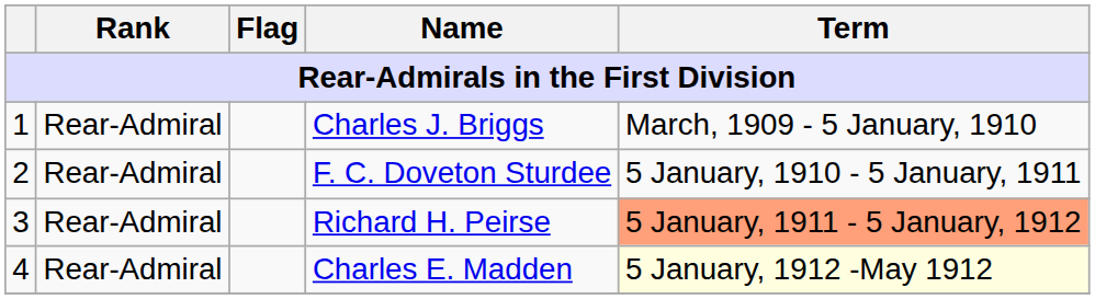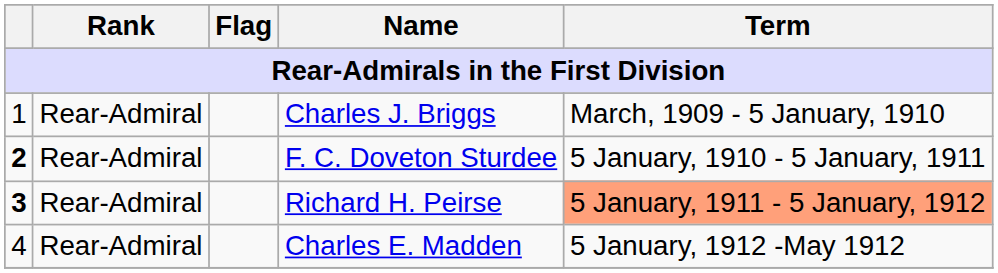 <table class="wikitable">
 <tr>
 <th></th>
 <th>Rank</th>
 <th>Flag</th>
 <th>Name</th>
 <th>Term</th>
 </tr>
 <tr>
 <td colspan="5" align="center" style="background:#dcdcfe;"><strong>Rear-Admirals in the First Division</strong></td>
 </tr>
 <tr>
 <td>1</td>
 <td>Rear-Admiral</td>
 <td></td>
 <td><a href='#'>Charles J. Briggs</a></td>
 <td>March, 1909 -  5 January, 1910</td>
 </tr>
 <tr>
-<td>2</td>
+<td><strong>2</strong></td>
 <td>Rear-Admiral</td>
 <td></td>
 <td><a href='#'>F. C. Doveton Sturdee</a></td>
 <td>5 January, 1910 -  5 January, 1911</td>
 </tr>
 <tr>
-<td>3</td>
+<td><strong>3</strong></td>
 <td>Rear-Admiral</td>
 <td></td>
 <td><a href='#'>Richard H. Peirse</a></td>
 <td style="background: lightsalmon;">5 January, 1911 -  5 January, 1912</td>
 </tr>
 <tr>
 <td>4</td>
 <td>Rear-Admiral</td>
 <td></td>
 <td><a href='#'>Charles E. Madden</a></td>
-<td style="background: lightyellow;">5 January, 1912 -May 1912</td>
+<td>5 January, 1912 -May 1912</td>
 </tr>
 <tr>
 </tr>
 </table>
